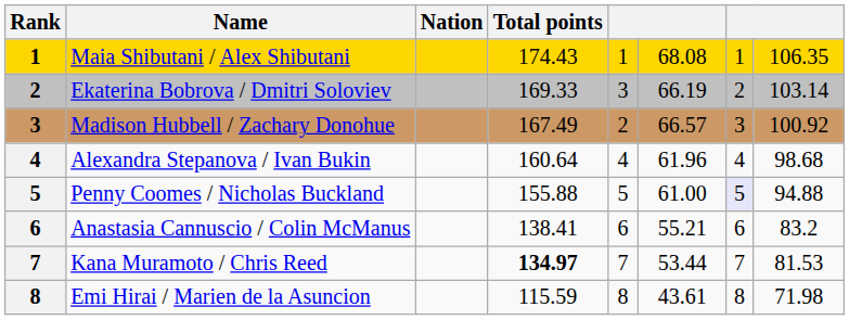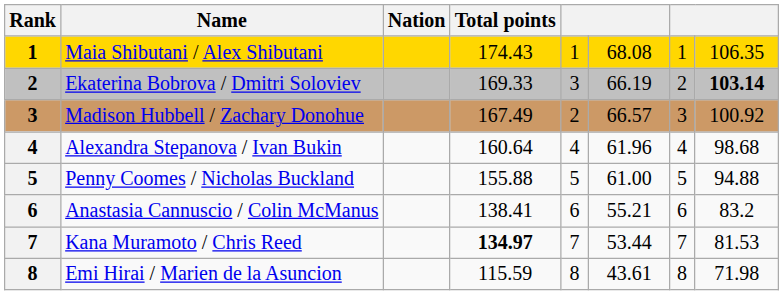 <table class="wikitable sortable">
 <tr>
 <th>Rank</th>
 <th>Name</th>
 <th>Nation</th>
 <th>Total points</th>
 <th colspan="2" width="80px"></th>
 <th colspan="2" width="80px"></th>
 </tr>
 <tr bgcolor="gold">
 <td align="center"><strong>1</strong></td>
 <td><a href='#'>Maia Shibutani</a> / <a href='#'>Alex Shibutani</a></td>
 <td></td>
 <td align="center">174.43</td>
 <td align="center">1</td>
 <td align="center">68.08</td>
 <td align="center">1</td>
 <td align="center">106.35</td>
 </tr>
 <tr bgcolor="silver">
 <td align="center"><strong>2</strong></td>
 <td><a href='#'>Ekaterina Bobrova</a> / <a href='#'>Dmitri Soloviev</a></td>
 <td></td>
 <td align="center">169.33</td>
 <td align="center">3</td>
 <td align="center">66.19</td>
 <td align="center">2</td>
-<td align="center">103.14</td>
+<td align="center"><strong>103.14</strong></td>
 </tr>
 <tr bgcolor="cc9966">
 <td align="center"><strong>3</strong></td>
 <td><a href='#'>Madison Hubbell</a> / <a href='#'>Zachary Donohue</a></td>
 <td></td>
 <td align="center">167.49</td>
 <td align="center">2</td>
 <td align="center">66.57</td>
 <td align="center">3</td>
 <td align="center">100.92</td>
 </tr>
 <tr>
 <th>4</th>
 <td><a href='#'>Alexandra Stepanova</a> / <a href='#'>Ivan Bukin</a></td>
 <td></td>
 <td align="center">160.64</td>
 <td align="center">4</td>
 <td align="center">61.96</td>
 <td align="center">4</td>
 <td align="center">98.68</td>
 </tr>
 <tr>
 <th>5</th>
 <td><a href='#'>Penny Coomes</a> / <a href='#'>Nicholas Buckland</a></td>
 <td></td>
 <td align="center">155.88</td>
 <td align="center">5</td>
 <td align="center">61.00</td>
-<td align="center" style="background: lavender;">5</td>
+<td align="center">5</td>
 <td align="center">94.88</td>
 </tr>
 <tr>
 <th>6</th>
 <td><a href='#'>Anastasia Cannuscio</a> / <a href='#'>Colin McManus</a></td>
 <td></td>
 <td align="center">138.41</td>
 <td align="center">6</td>
 <td align="center">55.21</td>
 <td align="center">6</td>
 <td align="center">83.2</td>
 </tr>
 <tr>
 <th>7</th>
 <td><a href='#'>Kana Muramoto</a> / <a href='#'>Chris Reed</a></td>
 <td></td>
 <td align="center"><strong>134.97</strong></td>
 <td align="center">7</td>
 <td align="center">53.44</td>
 <td align="center">7</td>
 <td align="center">81.53</td>
 </tr>
 <tr>
 <th>8</th>
 <td><a href='#'>Emi Hirai</a> / <a href='#'>Marien de la Asuncion</a></td>
 <td></td>
 <td align="center">115.59</td>
 <td align="center">8</td>
 <td align="center">43.61</td>
 <td align="center">8</td>
 <td align="center">71.98</td>
 </tr>
 </table>
